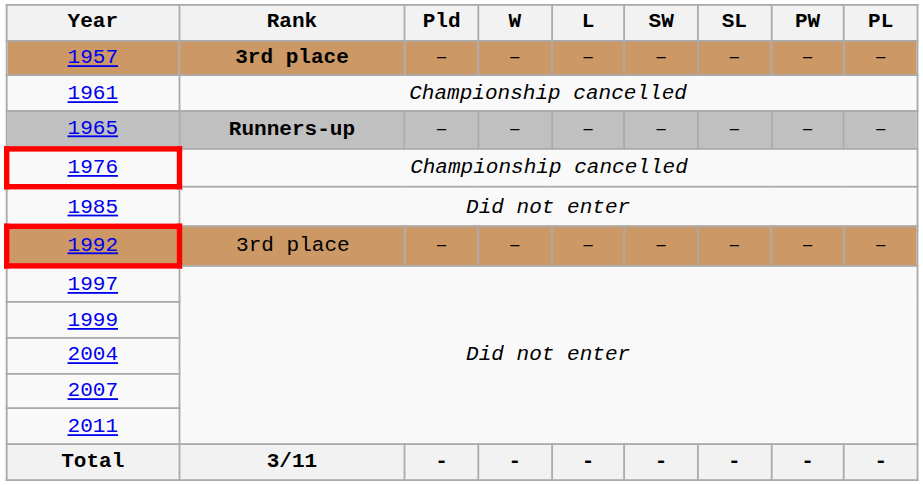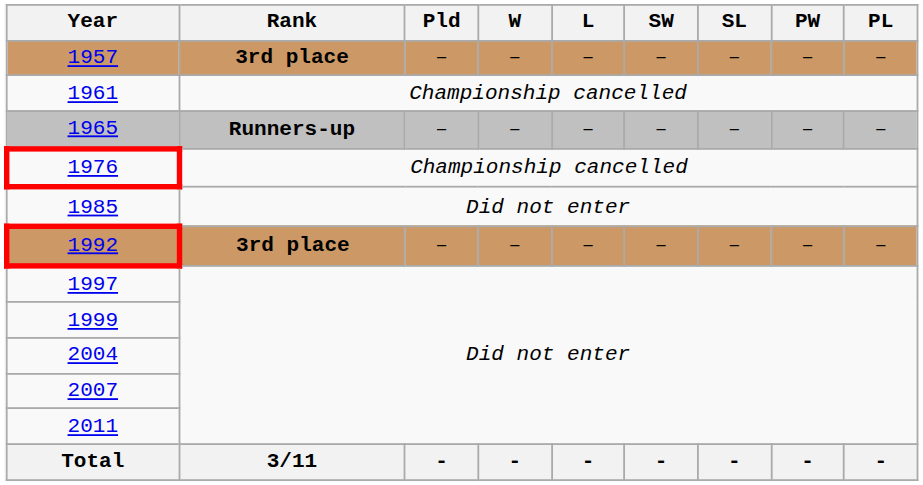 <table class="wikitable" style="text-align: center;font-size:90%;">
 <tr>
 <th width=90>Year</th>
 <th width=120>Rank</th>
 <th width=35>Pld</th>
 <th width=35>W</th>
 <th width=35>L</th>
 <th width=35>SW</th>
 <th width=35>SL</th>
 <th width=35>PW</th>
 <th width=35>PL</th>
 </tr>
 <tr bgcolor="#cc9966">
 <td> <a href='#'>1957</a></td>
 <td><strong>3rd place</strong></td>
 <td>–</td>
 <td>–</td>
 <td>–</td>
 <td>–</td>
 <td>–</td>
 <td>–</td>
 <td>–</td>
 </tr>
 <tr>
 <td> <a href='#'>1961</a></td>
 <td rowspan=1 colspan=8><em>Championship cancelled</em></td>
 </tr>
 <tr bgcolor=silver>
 <td> <a href='#'>1965</a></td>
 <td><strong>Runners-up</strong></td>
 <td>–</td>
 <td>–</td>
 <td>–</td>
 <td>–</td>
 <td>–</td>
 <td>–</td>
 <td>–</td>
 </tr>
 <tr>
 <td style="border: 3px solid red"> <a href='#'>1976</a></td>
 <td rowspan=1 colspan=8><em>Championship cancelled</em></td>
 </tr>
 <tr>
 <td> <a href='#'>1985</a></td>
 <td rowspan=1 colspan=8><em>Did not enter</em></td>
 </tr>
 <tr bgcolor="#cc9966">
 <td style="border: 3px solid red"> <a href='#'>1992</a></td>
-<td>3rd place</td>
+<td><strong>3rd place</strong></td>
 <td>–</td>
 <td>–</td>
 <td>–</td>
 <td>–</td>
 <td>–</td>
 <td>–</td>
 <td>–</td>
 </tr>
 <tr>
 <td> <a href='#'>1997</a></td>
 <td rowspan=5 colspan=8><em>Did not enter</em></td>
 </tr>
 <tr>
 <td> <a href='#'>1999</a></td>
 </tr>
 <tr>
 <td> <a href='#'>2004</a></td>
 </tr>
 <tr>
 <td> <a href='#'>2007</a></td>
 </tr>
 <tr>
 <td> <a href='#'>2011</a></td>
 </tr>
 <tr>
 <th>Total</th>
 <th>3/11</th>
 <th>-</th>
 <th>-</th>
 <th>-</th>
 <th>-</th>
 <th>-</th>
 <th>-</th>
 <th>-</th>
 </tr>
 </table>
